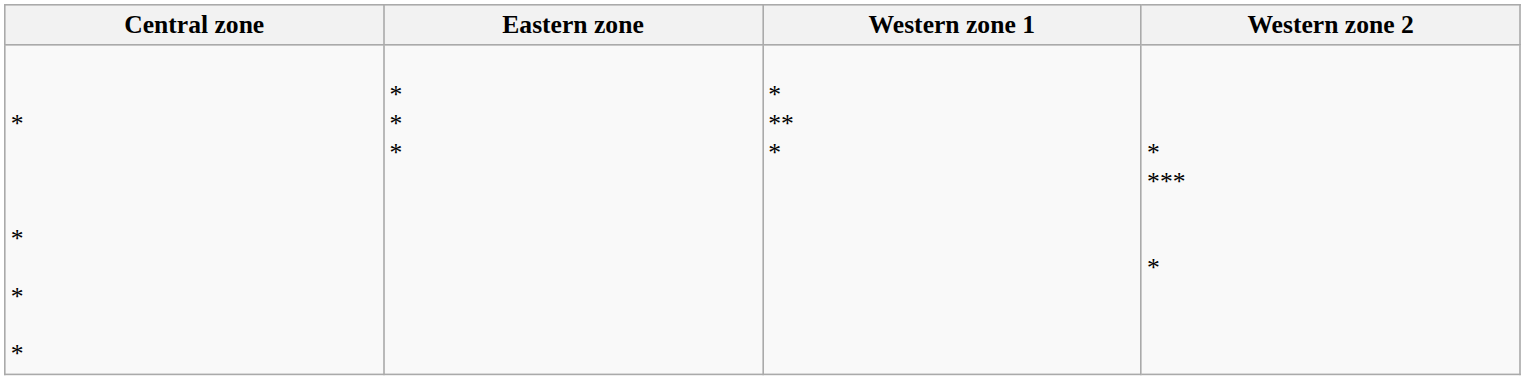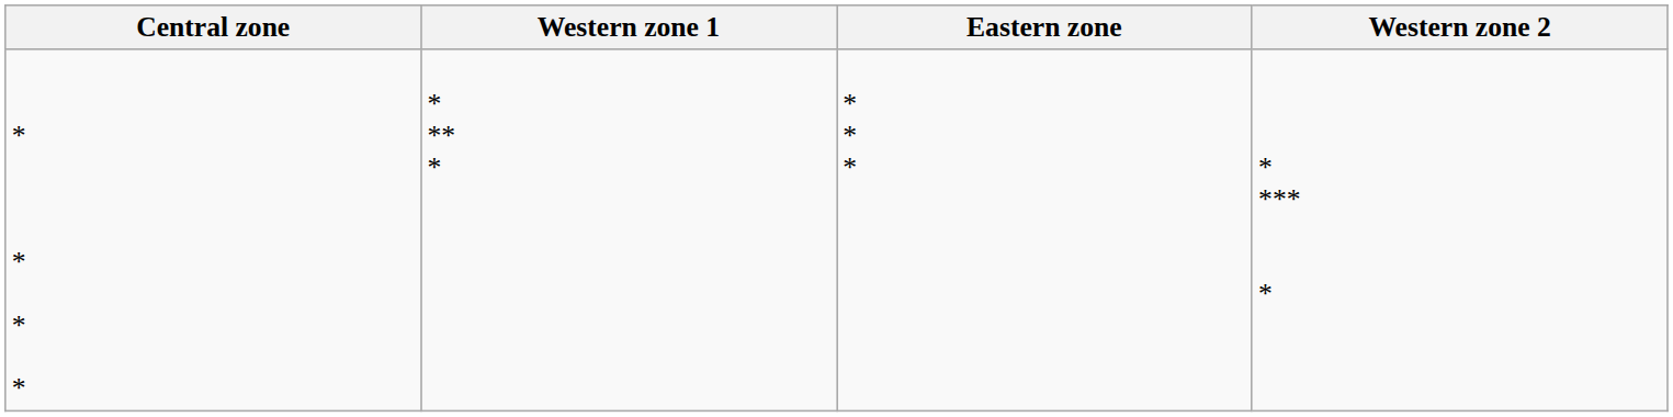 <table class="wikitable" width=75%>
 <tr>
 <th width=25%>Central zone</th>
+<th width=25%>Western zone 1</th>
 <th width=25%>Eastern zone</th>
-<th width=25%>Western zone 1</th>
 <th width=25%>Western zone 2</th>
 </tr>
 <tr>
 <td valign=top><br><br> <s></s>*<br> <br> <br> <br> <s></s>*<br> <br> <s></s>*<br> <br> <s></s>*</td>
+<td valign=top><br><s></s>*<br> <s></s>**<br> <s></s>*</td>
 <td valign=top><br><s></s>*<br> <s></s>*<br> <s></s> *<br> </td>
-<td valign=top><br><s></s>*<br> <s></s>**<br> <s></s>*</td>
 <td valign=top><br><br> <br> <s></s>*<br> ***<br> <br> <br> <s></s>*<br> <br> <br></td>
 </tr>
 </table>
